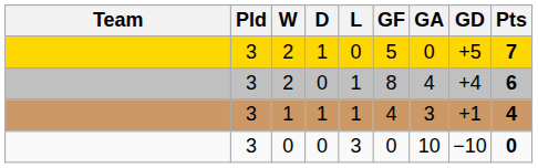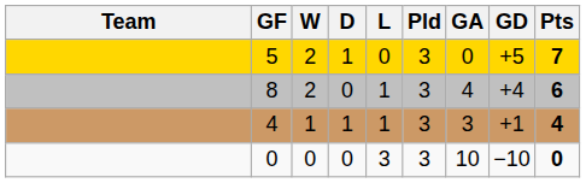 <table class="wikitable" style="text-align:center;">
 <tr>
 <th width=175>Team</th>
-<th width=20 abbr="Played">Pld</th>
+<th width=20 abbr="Goals for">GF</th>
 <th width=20 abbr="Won">W</th>
 <th width=20 abbr="Drawn">D</th>
 <th width=20 abbr="Lost">L</th>
-<th width=20 abbr="Goals for">GF</th>
+<th width=20 abbr="Played">Pld</th>
 <th width=20 abbr="Goals against">GA</th>
 <th width=20 abbr="Goal difference">GD</th>
 <th width=20 abbr="Points">Pts</th>
 </tr>
 <tr bgcolor=gold>
 <td align=left></td>
-<td>3</td>
+<td>5</td>
 <td>2</td>
 <td>1</td>
 <td>0</td>
-<td>5</td>
+<td>3</td>
 <td>0</td>
 <td>+5</td>
 <td><strong>7</strong></td>
 </tr>
 <tr bgcolor=silver>
 <td align=left></td>
-<td>3</td>
+<td>8</td>
 <td>2</td>
 <td>0</td>
 <td>1</td>
-<td>8</td>
+<td>3</td>
 <td>4</td>
 <td>+4</td>
 <td><strong>6</strong></td>
 </tr>
 <tr bgcolor=#cc9966>
 <td align=left></td>
-<td>3</td>
+<td>4</td>
 <td>1</td>
 <td>1</td>
 <td>1</td>
-<td>4</td>
+<td>3</td>
 <td>3</td>
 <td>+1</td>
 <td><strong>4</strong></td>
 </tr>
 <tr>
 <td align=left></td>
-<td>3</td>
+<td>0</td>
 <td>0</td>
 <td>0</td>
 <td>3</td>
-<td>0</td>
+<td>3</td>
 <td>10</td>
 <td>−10</td>
 <td><strong>0</strong></td>
 </tr>
 </table>
